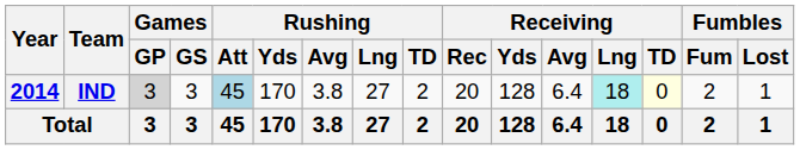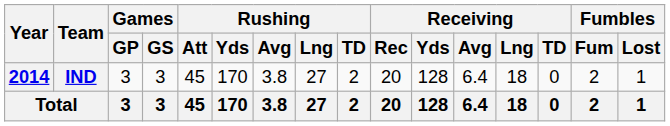 <table class=wikitable style="text-align:center;">
 <tr>
 <th rowspan="2">Year</th>
 <th rowspan="2">Team</th>
 <th colspan="2">Games</th>
 <th colspan="5">Rushing</th>
 <th colspan="5">Receiving</th>
 <th colspan="2">Fumbles</th>
 </tr>
 <tr>
 <th>GP</th>
 <th>GS</th>
 <th>Att</th>
 <th>Yds</th>
 <th>Avg</th>
 <th>Lng</th>
 <th>TD</th>
 <th>Rec</th>
 <th>Yds</th>
 <th>Avg</th>
 <th>Lng</th>
 <th>TD</th>
 <th>Fum</th>
 <th>Lost</th>
 </tr>
 <tr>
 <th><a href='#'>2014</a></th>
 <th><a href='#'>IND</a></th>
-<td style="background: lightgrey;">3</td>
 <td>3</td>
-<td style="background: lightblue;">45</td>
+<td>3</td>
+<td>45</td>
 <td>170</td>
 <td>3.8</td>
 <td>27</td>
 <td>2</td>
 <td>20</td>
 <td>128</td>
 <td>6.4</td>
-<td style="background: paleturquoise;">18</td>
-<td style="background: lightyellow;">0</td>
+<td>18</td>
+<td>0</td>
 <td>2</td>
 <td>1</td>
 </tr>
 <tr>
 <th colspan="2">Total</th>
 <th>3</th>
 <th>3</th>
 <th>45</th>
 <th>170</th>
 <th>3.8</th>
 <th>27</th>
 <th>2</th>
 <th>20</th>
 <th>128</th>
 <th>6.4</th>
 <th>18</th>
 <th>0</th>
 <th>2</th>
 <th>1</th>
 </tr>
 </table>
